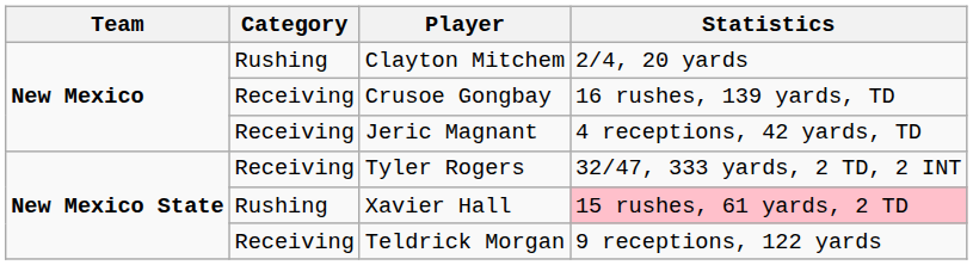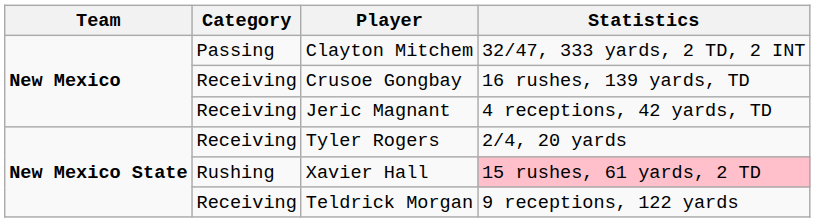 <table class="wikitable" style="float: left;">
 <tr>
 <th>Team</th>
 <th>Category</th>
 <th>Player</th>
 <th>Statistics</th>
 </tr>
 <tr>
 <td rowspan=3><strong>New Mexico</strong></td>
-<td>Rushing</td>
+<td>Passing</td>
 <td>Clayton Mitchem</td>
-<td>2/4, 20 yards</td>
+<td>32/47, 333 yards, 2 TD, 2 INT</td>
 </tr>
 <tr>
 <td>Receiving</td>
 <td>Crusoe Gongbay</td>
 <td>16 rushes, 139 yards, TD</td>
 </tr>
 <tr>
 <td>Receiving</td>
 <td>Jeric Magnant</td>
 <td>4 receptions, 42 yards, TD</td>
 </tr>
 <tr>
 <td rowspan=3><strong>New Mexico State</strong></td>
 <td>Receiving</td>
 <td>Tyler Rogers</td>
-<td>32/47, 333 yards, 2 TD, 2 INT</td>
+<td>2/4, 20 yards</td>
 </tr>
 <tr>
 <td>Rushing</td>
 <td>Xavier Hall</td>
 <td style="background: pink;">15 rushes, 61 yards, 2 TD</td>
 </tr>
 <tr>
 <td>Receiving</td>
 <td>Teldrick Morgan</td>
 <td>9 receptions, 122 yards</td>
 </tr>
 </table>
